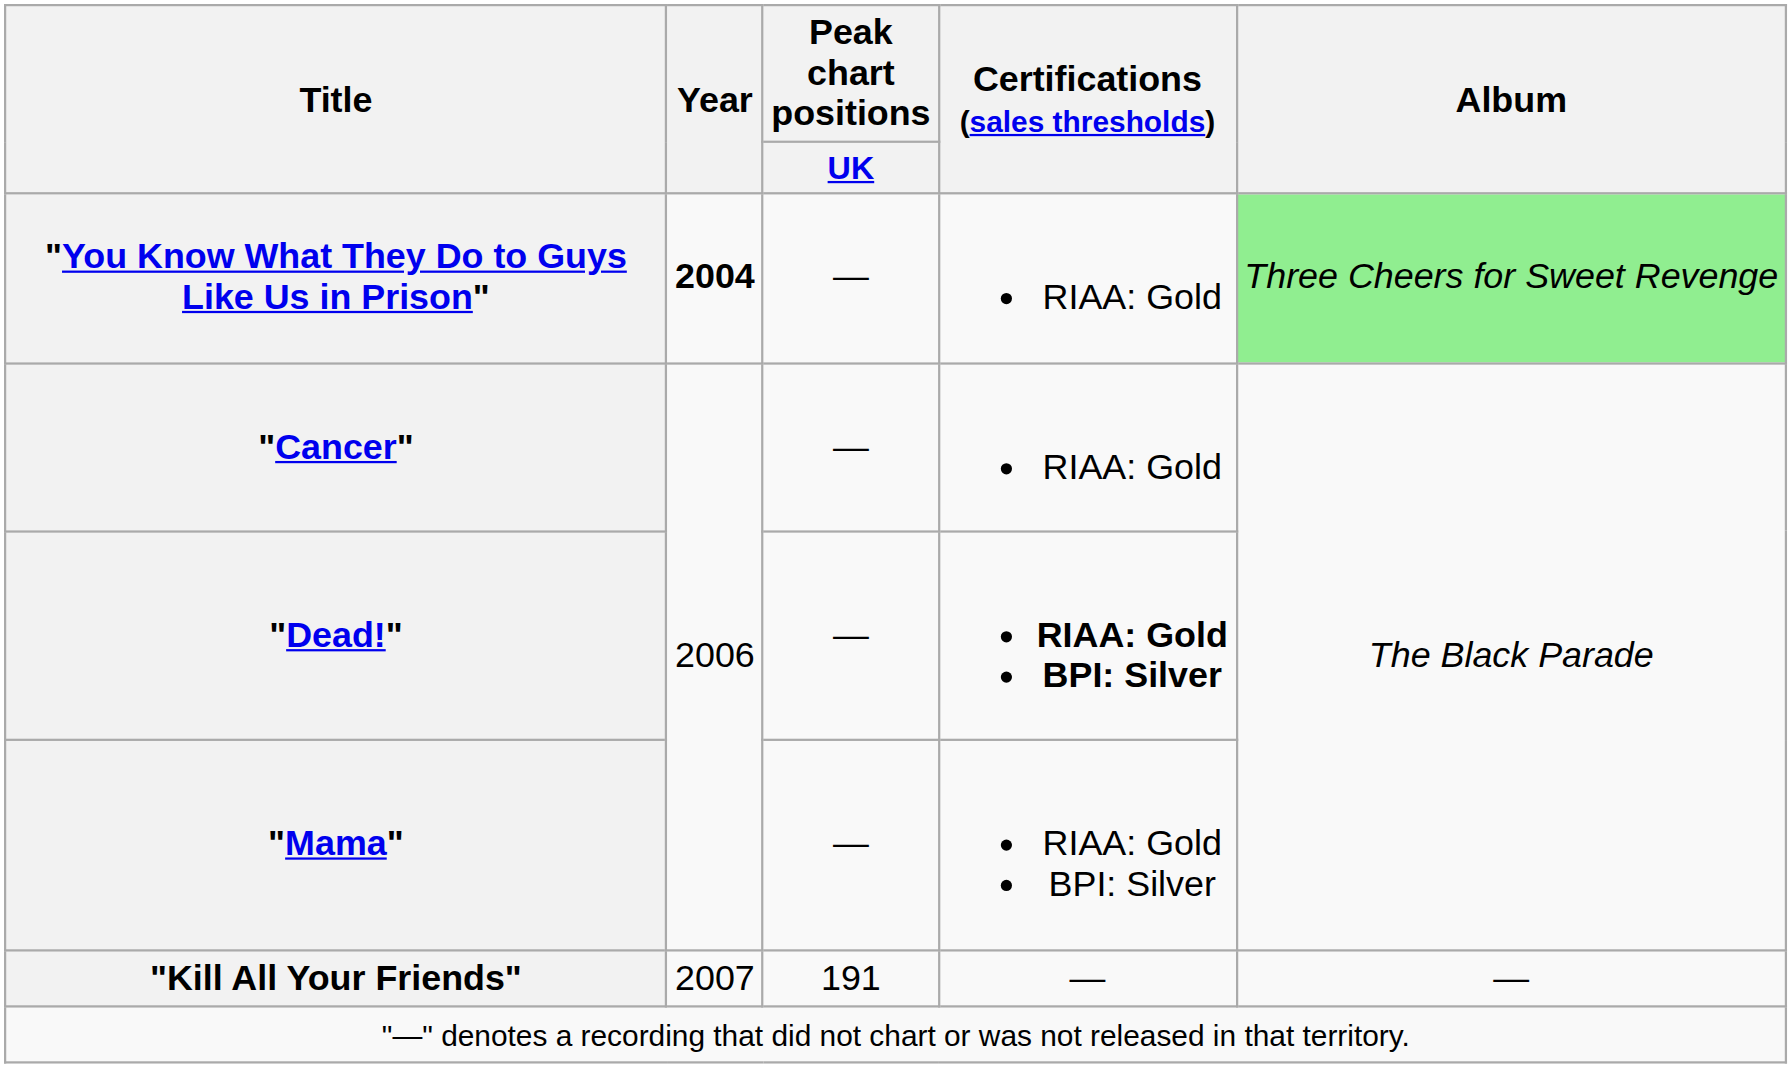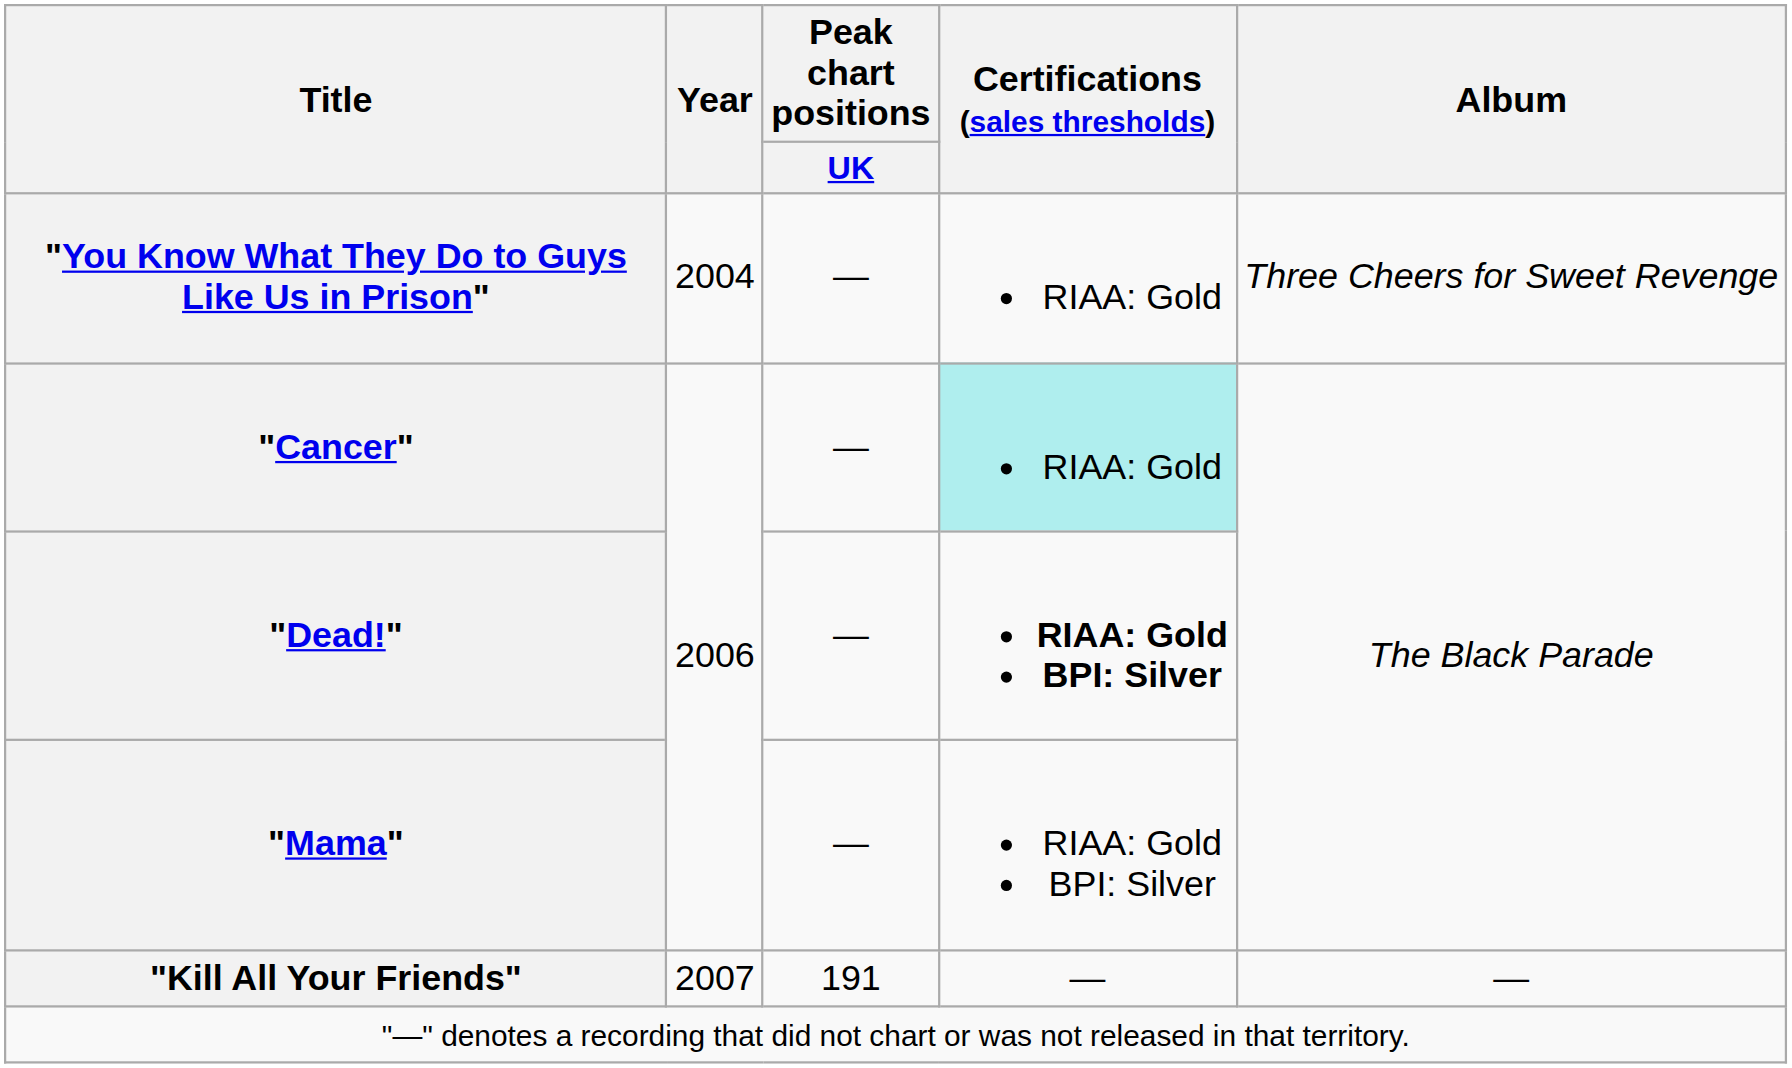 <table class="wikitable plainrowheaders" style="text-align:center;" border="1">
 <tr>
 <th rowspan="2" scope="col" style="width:18em;">Title</th>
 <th rowspan="2" scope="col">Year</th>
 <th>Peak chart positions</th>
 <th rowspan="2">Certifications<br><small>(<a href='#'>sales thresholds</a>)</small></th>
 <th rowspan="2" scope="col">Album</th>
 </tr>
 <tr>
 <th scope="col" style="width:3em;font-size:90%;"><a href='#'>UK</a><br></th>
 </tr>
 <tr>
 <th scope="row">"<a href='#'>You Know What They Do to Guys Like Us in Prison</a>"</th>
-<td><strong>2004</strong></td>
+<td>2004</td>
 <td>—</td>
 <td><br><ul><li>RIAA: Gold</li></ul></td>
-<td style="background: lightgreen;"><em>Three Cheers for Sweet Revenge</em></td>
+<td><em>Three Cheers for Sweet Revenge</em></td>
 </tr>
 <tr>
 <th scope="row">"<a href='#'>Cancer</a>"</th>
 <td rowspan="3">2006</td>
 <td>—</td>
-<td><br><ul><li>RIAA: Gold</li></ul></td>
+<td style="background: paleturquoise;"><br><ul><li>RIAA: Gold</li></ul></td>
 <td rowspan="3"><em>The Black Parade</em></td>
 </tr>
 <tr>
 <th scope="row">"<a href='#'>Dead!</a>"</th>
 <td>—</td>
 <td><strong><br><ul><li>RIAA: Gold</li><li>BPI: Silver</li></ul></strong></td>
 </tr>
 <tr>
 <th scope="row">"<a href='#'>Mama</a>"</th>
 <td>—</td>
 <td><br><ul><li>RIAA: Gold</li><li>BPI: Silver</li></ul></td>
 </tr>
 <tr>
 <th scope="row">"Kill All Your Friends"</th>
 <td>2007</td>
 <td>191</td>
 <td>—</td>
 <td>—</td>
 </tr>
 <tr>
 <td colspan="18"><small>"—" denotes a recording that did not chart or was not released in that territory.</small></td>
 </tr>
 </table>
